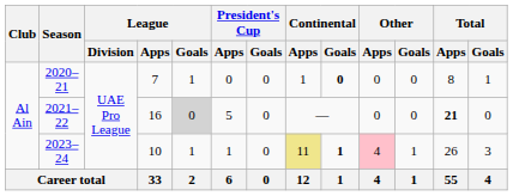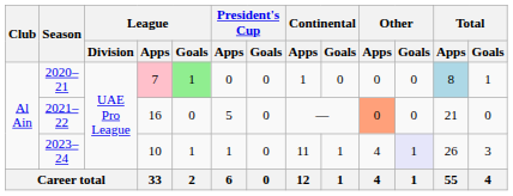 <table class="wikitable" style="text-align: center">
 <tr>
 <th rowspan="2">Club</th>
 <th rowspan="2">Season</th>
 <th colspan="3">League</th>
 <th colspan="2"><a href='#'>President's Cup</a></th>
 <th colspan="2">Continental</th>
 <th colspan="2">Other</th>
 <th colspan="2">Total</th>
 </tr>
 <tr>
 <th>Division</th>
 <th>Apps</th>
 <th>Goals</th>
 <th>Apps</th>
 <th>Goals</th>
 <th>Apps</th>
 <th>Goals</th>
 <th>Apps</th>
 <th>Goals</th>
 <th>Apps</th>
 <th>Goals</th>
 </tr>
 <tr>
 <td rowspan="3"><a href='#'>Al Ain</a></td>
 <td><a href='#'>2020–21</a></td>
 <td rowspan="3"><a href='#'>UAE Pro League</a></td>
-<td>7</td>
+<td style="background: pink;">7</td>
+<td style="background: lightgreen;">1</td>
+<td>0</td>
+<td>0</td>
 <td>1</td>
 <td>0</td>
 <td>0</td>
-<td>1</td>
-<td><strong>0</strong></td>
 <td>0</td>
-<td>0</td>
-<td>8</td>
+<td style="background: lightblue;">8</td>
 <td>1</td>
 </tr>
 <tr>
 <td><a href='#'>2021–22</a></td>
 <td>16</td>
-<td style="background: lightgrey;">0</td>
+<td>0</td>
 <td>5</td>
 <td>0</td>
 <td colspan="2">—</td>
+<td style="background: lightsalmon;">0</td>
 <td>0</td>
-<td>0</td>
-<td><strong>21</strong></td>
+<td>21</td>
 <td>0</td>
 </tr>
 <tr>
 <td><a href='#'>2023–24</a></td>
 <td>10</td>
 <td>1</td>
 <td>1</td>
 <td>0</td>
-<td style="background: khaki;">11</td>
-<td><strong>1</strong></td>
-<td style="background: pink;">4</td>
+<td>11</td>
 <td>1</td>
+<td>4</td>
+<td style="background: lavender;">1</td>
 <td>26</td>
 <td>3</td>
 </tr>
 <tr>
 <th colspan="3">Career total</th>
 <th>33</th>
 <th>2</th>
 <th>6</th>
 <th>0</th>
 <th>12</th>
 <th>1</th>
 <th>4</th>
 <th>1</th>
 <th>55</th>
 <th>4</th>
 </tr>
 </table>
